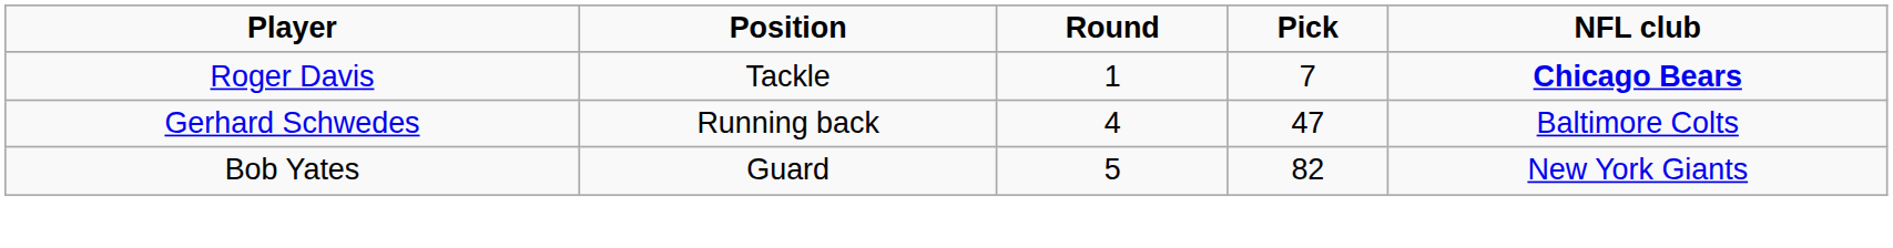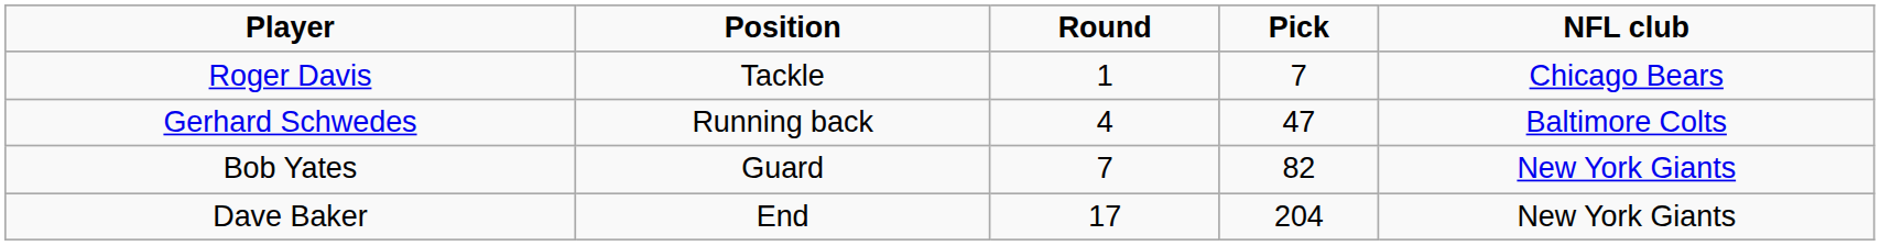 <table class="wikitable" width="80%">
 <tr align="center">
 <td><strong>Player</strong></td>
 <td><strong>Position</strong></td>
 <td><strong>Round</strong></td>
 <td><strong>Pick</strong></td>
 <td><strong>NFL club</strong></td>
 </tr>
 <tr align="center" bgcolor="">
 <td><a href='#'>Roger Davis</a></td>
 <td>Tackle</td>
 <td>1</td>
 <td>7</td>
-<td><strong><a href='#'>Chicago Bears</a></strong></td>
+<td><a href='#'>Chicago Bears</a></td>
 </tr>
 <tr align="center" bgcolor="">
 <td><a href='#'>Gerhard Schwedes</a></td>
 <td>Running back</td>
 <td>4</td>
 <td>47</td>
 <td><a href='#'>Baltimore Colts</a></td>
 </tr>
 <tr align="center" bgcolor="">
 <td>Bob Yates</td>
 <td>Guard</td>
-<td>5</td>
+<td>7</td>
 <td>82</td>
 <td><a href='#'>New York Giants</a></td>
 </tr>
+<tr align="center" bgcolor="">
+<td>Dave Baker</td>
+<td>End</td>
+<td>17</td>
+<td>204</td>
+<td>New York Giants</td>
+</tr>
 </table>
